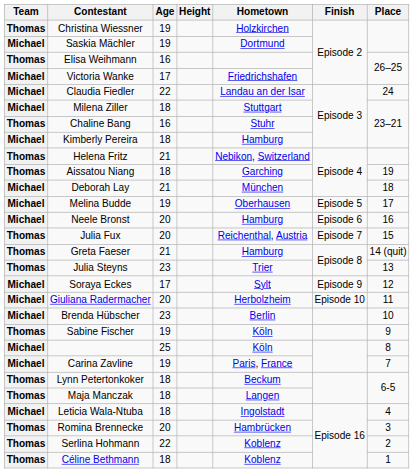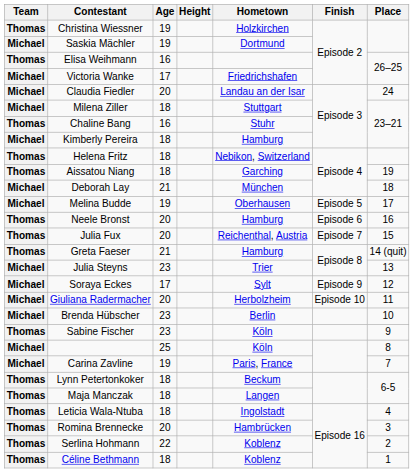 <table class="wikitable sortable" style="text-align:center;">
 <tr>
 <th>Team</th>
 <th>Contestant</th>
 <th>Age</th>
 <th>Height</th>
 <th>Hometown</th>
 <th>Finish</th>
 <th>Place</th>
 </tr>
 <tr>
 <th><span>Thomas</span></th>
 <td>Christina Wiessner</td>
 <td>19</td>
 <td nowrap></td>
 <td><a href='#'>Holzkirchen</a></td>
 <td rowspan="4">Episode 2</td>
 <td rowspan="2"></td>
 </tr>
 <tr>
 <th><span>Michael</span></th>
 <td>Saskia Mächler</td>
 <td>19</td>
 <td></td>
 <td><a href='#'>Dortmund</a></td>
 </tr>
 <tr>
 <th><span>Thomas</span></th>
 <td>Elisa Weihmann</td>
 <td>16</td>
 <td></td>
 <td></td>
 <td rowspan="2">26–25</td>
 </tr>
 <tr>
 <th><span>Michael</span></th>
 <td>Victoria Wanke</td>
 <td>17</td>
 <td></td>
 <td><a href='#'>Friedrichshafen</a></td>
 </tr>
 <tr>
 <th><span>Michael</span></th>
 <td>Claudia Fiedler</td>
-<td>22</td>
+<td>20</td>
 <td></td>
 <td><a href='#'>Landau an der Isar</a></td>
 <td rowspan="4">Episode 3</td>
 <td>24</td>
 </tr>
 <tr>
 <th><span>Michael</span></th>
 <td>Milena Ziller</td>
 <td>18</td>
 <td></td>
 <td><a href='#'>Stuttgart</a></td>
 <td rowspan="3">23–21</td>
 </tr>
 <tr>
 <th><span>Thomas</span></th>
 <td>Chaline Bang</td>
 <td>16</td>
 <td></td>
 <td><a href='#'>Stuhr</a></td>
 </tr>
 <tr>
 <th><span>Michael</span></th>
 <td>Kimberly Pereira</td>
 <td>18</td>
 <td></td>
 <td><a href='#'>Hamburg</a></td>
 </tr>
 <tr>
 <th><span>Thomas</span></th>
 <td>Helena Fritz</td>
-<td>21</td>
+<td>18</td>
 <td></td>
 <td><a href='#'>Nebikon</a>, <a href='#'>Switzerland</a></td>
 <td rowspan="3">Episode 4</td>
 <td></td>
 </tr>
 <tr>
 <th><span>Thomas</span></th>
 <td>Aissatou Niang</td>
 <td>18</td>
 <td></td>
 <td><a href='#'>Garching</a></td>
 <td>19</td>
 </tr>
 <tr>
 <th><span>Michael</span></th>
 <td>Deborah Lay</td>
 <td>21</td>
 <td></td>
 <td><a href='#'>München</a></td>
 <td>18</td>
 </tr>
 <tr>
 <th><span>Michael</span></th>
 <td>Melina Budde</td>
 <td>19</td>
 <td></td>
 <td><a href='#'>Oberhausen</a></td>
 <td>Episode 5</td>
 <td>17</td>
 </tr>
 <tr>
-<th><span>Michael</span></th>
+<th><span>Thomas</span></th>
 <td>Neele Bronst</td>
 <td>20</td>
 <td></td>
 <td><a href='#'>Hamburg</a></td>
 <td>Episode 6</td>
 <td>16</td>
 </tr>
 <tr>
 <th><span>Thomas</span></th>
 <td>Julia Fux</td>
 <td>20</td>
 <td></td>
 <td><a href='#'>Reichenthal</a>, <a href='#'>Austria</a></td>
 <td>Episode 7</td>
 <td>15</td>
 </tr>
 <tr>
 <th><span>Thomas</span></th>
 <td>Greta Faeser</td>
 <td>21</td>
 <td></td>
 <td><a href='#'>Hamburg</a></td>
 <td rowspan="2">Episode 8</td>
 <td>14 (quit)</td>
 </tr>
 <tr>
-<th><span>Thomas</span></th>
+<th><span>Michael</span></th>
 <td>Julia Steyns</td>
 <td>23</td>
 <td></td>
 <td><a href='#'>Trier</a></td>
 <td>13</td>
 </tr>
 <tr>
 <th><span>Michael</span></th>
 <td>Soraya Eckes</td>
 <td>17</td>
 <td></td>
 <td><a href='#'>Sylt</a></td>
 <td nowrap>Episode 9</td>
 <td>12</td>
 </tr>
 <tr>
 <th><span>Michael</span></th>
 <td><a href='#'>Giuliana Radermacher</a></td>
 <td>20</td>
 <td></td>
 <td><a href='#'>Herbolzheim</a></td>
 <td nowrap>Episode 10</td>
 <td>11</td>
 </tr>
 <tr>
 <th><span>Michael</span></th>
 <td>Brenda Hübscher</td>
 <td>23</td>
 <td></td>
 <td><a href='#'>Berlin</a></td>
 <td></td>
 <td>10</td>
 </tr>
 <tr>
 <th><span>Thomas</span></th>
 <td>Sabine Fischer</td>
-<td>19</td>
+<td>23</td>
 <td></td>
 <td><a href='#'>Köln</a></td>
 <td></td>
 <td>9</td>
 </tr>
 <tr>
 <th><span>Michael</span></th>
 <td></td>
 <td>25</td>
 <td></td>
 <td><a href='#'>Köln</a></td>
 <td rowspan="2"></td>
 <td>8</td>
 </tr>
 <tr>
 <th><span>Michael</span></th>
 <td>Carina Zavline</td>
 <td>19</td>
 <td></td>
 <td><a href='#'>Paris</a>, <a href='#'>France</a></td>
 <td>7</td>
 </tr>
 <tr>
 <th><span>Thomas</span></th>
 <td>Lynn Petertonkoker</td>
 <td>18</td>
 <td></td>
 <td><a href='#'>Beckum</a></td>
 <td rowspan="2"></td>
 <td rowspan="2">6-5</td>
 </tr>
 <tr>
 <th><span>Thomas</span></th>
 <td>Maja Manczak</td>
 <td>18</td>
 <td></td>
 <td><a href='#'>Langen</a></td>
 </tr>
 <tr>
-<th><span>Michael</span></th>
+<th><span>Thomas</span></th>
 <td>Leticia Wala-Ntuba</td>
 <td>18</td>
 <td></td>
 <td><a href='#'>Ingolstadt</a></td>
 <td rowspan="4">Episode 16</td>
 <td>4</td>
 </tr>
 <tr>
 <th><span>Thomas</span></th>
 <td>Romina Brennecke</td>
 <td>20</td>
 <td></td>
 <td><a href='#'>Hambrücken</a></td>
 <td>3</td>
 </tr>
 <tr>
 <th><span>Thomas</span></th>
 <td>Serlina Hohmann</td>
 <td>22</td>
 <td></td>
 <td><a href='#'>Koblenz</a></td>
 <td>2</td>
 </tr>
 <tr>
 <th><span>Thomas</span></th>
 <td><a href='#'>Céline Bethmann</a></td>
 <td>18</td>
 <td></td>
 <td><a href='#'>Koblenz</a></td>
 <td>1</td>
 </tr>
 </table>
